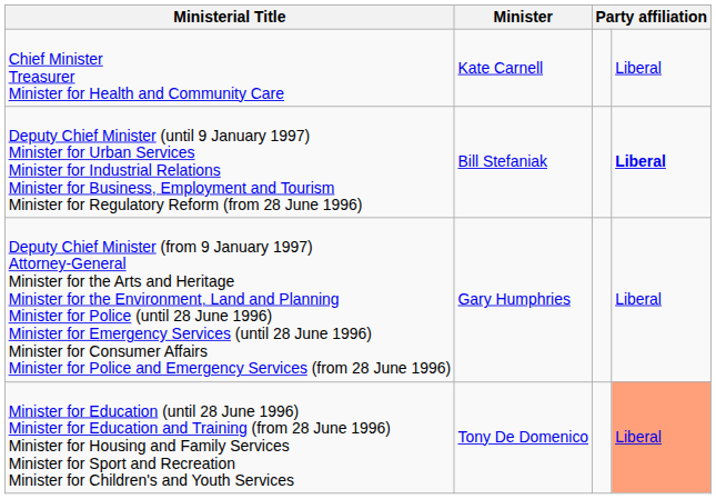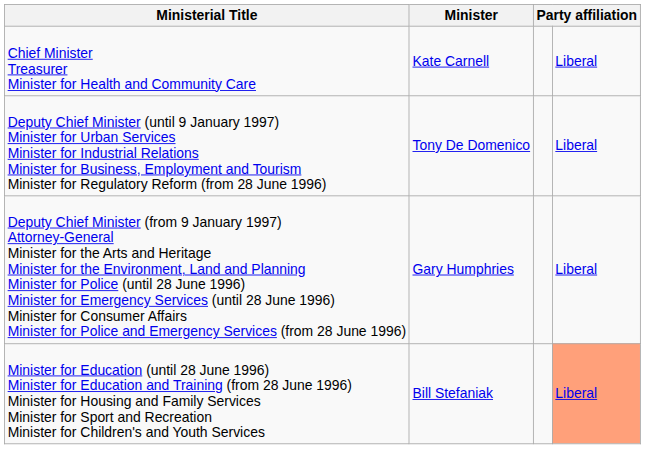 <table class="wikitable">
 <tr>
 <th>Ministerial Title</th>
 <th>Minister</th>
 <th colspan=2>Party affiliation</th>
 </tr>
 <tr>
 <td><br><a href='#'>Chief Minister</a><br> <a href='#'>Treasurer</a><br> <a href='#'>Minister for Health and Community Care</a></td>
 <td><a href='#'>Kate Carnell</a></td>
 <td> </td>
 <td><a href='#'>Liberal</a></td>
 </tr>
 <tr>
 <td><br><a href='#'>Deputy Chief Minister</a> (until 9 January 1997)<br> <a href='#'>Minister for Urban Services</a><br> <a href='#'>Minister for Industrial Relations</a><br> <a href='#'>Minister for Business, Employment and Tourism</a><br> Minister for Regulatory Reform (from 28 June 1996)</td>
-<td><a href='#'>Bill Stefaniak</a></td>
+<td><a href='#'>Tony De Domenico</a></td>
 <td> </td>
-<td><strong><a href='#'>Liberal</a></strong></td>
+<td><a href='#'>Liberal</a></td>
 </tr>
 <tr>
 <td><br><a href='#'>Deputy Chief Minister</a> (from 9 January 1997)<br> <a href='#'>Attorney-General</a><br> Minister for the Arts and Heritage <br> <a href='#'>Minister for the Environment, Land and Planning</a><br> <a href='#'>Minister for Police</a> (until 28 June 1996) <br> <a href='#'>Minister for Emergency Services</a> (until 28 June 1996) <br> Minister for Consumer Affairs <br> <a href='#'>Minister for Police and Emergency Services</a> (from 28 June 1996)</td>
 <td><a href='#'>Gary Humphries</a></td>
 <td> </td>
 <td><a href='#'>Liberal</a></td>
 </tr>
 <tr>
 <td><br><a href='#'>Minister for Education</a> (until 28 June 1996)<br> <a href='#'>Minister for Education and Training</a> (from 28 June 1996)<br> Minister for Housing and Family Services <br> Minister for Sport and Recreation <br> Minister for Children's and Youth Services</td>
-<td><a href='#'>Tony De Domenico</a></td>
+<td><a href='#'>Bill Stefaniak</a></td>
 <td> </td>
 <td style="background: lightsalmon;"><a href='#'>Liberal</a></td>
 </tr>
 </table>
